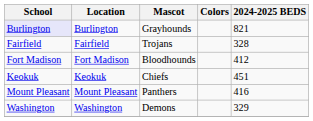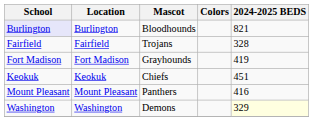 <table class="wikitable">
 <tr>
 <th>School</th>
 <th>Location</th>
 <th>Mascot</th>
 <th>Colors</th>
 <th>2024-2025 BEDS</th>
 </tr>
 <tr>
 <td style="background: lavender;"><a href='#'>Burlington</a></td>
 <td><a href='#'>Burlington</a></td>
-<td>Grayhounds</td>
+<td>Bloodhounds</td>
 <td> </td>
 <td>821</td>
 </tr>
 <tr>
 <td><a href='#'>Fairfield</a></td>
 <td><a href='#'>Fairfield</a></td>
 <td>Trojans</td>
 <td> </td>
 <td>328</td>
 </tr>
 <tr>
 <td><a href='#'>Fort Madison</a></td>
 <td><a href='#'>Fort Madison</a></td>
-<td>Bloodhounds</td>
+<td>Grayhounds</td>
 <td> </td>
-<td>412</td>
+<td>419</td>
 </tr>
 <tr>
 <td><a href='#'>Keokuk</a></td>
 <td><a href='#'>Keokuk</a></td>
 <td>Chiefs</td>
 <td> </td>
 <td>451</td>
 </tr>
 <tr>
 <td><a href='#'>Mount Pleasant</a></td>
 <td><a href='#'>Mount Pleasant</a></td>
 <td>Panthers</td>
 <td> </td>
 <td>416</td>
 </tr>
 <tr>
 <td><a href='#'>Washington</a></td>
 <td><a href='#'>Washington</a></td>
 <td>Demons</td>
 <td> </td>
-<td>329</td>
+<td style="background: lightyellow;">329</td>
 </tr>
 <tr>
 </tr>
 </table>
